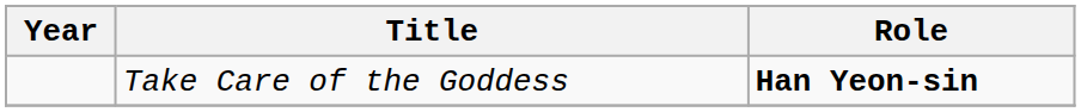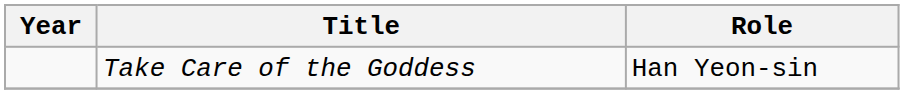 <table class="wikitable" style="width:450px">
 <tr>
 <th width=40>Year</th>
 <th>Title</th>
 <th>Role</th>
 </tr>
 <tr>
 <td></td>
 <td><em>Take Care of the Goddess</em></td>
-<td><strong>Han Yeon-sin</strong></td>
+<td>Han Yeon-sin</td>
 </tr>
 <tr>
 </tr>
 </table>
